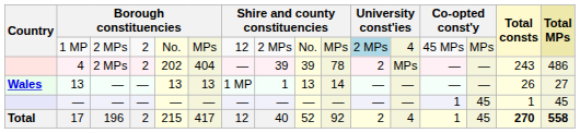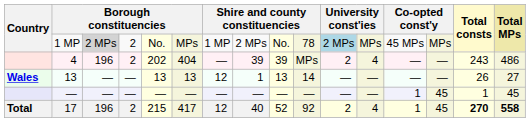 <table class="wikitable" style="text-align:right">
 <tr>
 <th scope="col" rowspan="2">Country</th>
 <th scope="col" colspan="5">Borough<br> constituencies</th>
 <th scope="col" colspan="4">Shire and county<br> constituencies</th>
 <th scope="col" colspan="2">University<br>const'ies</th>
 <th scope="col" colspan="2">Co-opted<br>const'y</th>
 <th scope="col" rowspan="2" style="background:LemonChiffon">Total<br>consts</th>
 <th scope="col" rowspan="2" style="background:PaleGoldenrod">Total<br>MPs</th>
 </tr>
 <tr style="text-align:center">
 <td scope="col" title="Single-member borough constituencies">1 MP</td>
-<td scope="col" title="Two-member borough constituencies">2 MPs</td>
+<td scope="col" title="Two-member borough constituencies" style="background: lightgrey;">2 MPs</td>
 <td style="text-align: right; padding: 0 0.5em;">2</td>
 <td scope="col" style="background:lightyellow">No.</td>
 <td scope="col" style="background:beige">MPs</td>
-<td style="text-align: right; padding: 0 0.5em;">12</td>
+<td scope="col" title="Single-member county constituencies">1 MP</td>
 <td scope="col" title="Two-member county constituencies">2 MPs</td>
 <td scope="col" style="background:lightyellow">No.</td>
+<td style="text-align: right; background:beige; padding: 0 0.5em;">78</td>
+<td scope="col" title="Two-member university constituencies" style="background: lightblue;">2 MPs</td>
 <td scope="col" style="background:beige">MPs</td>
-<td scope="col" title="Two-member university constituencies" style="background: lightblue;">2 MPs</td>
-<td style="text-align: right; background:beige; padding: 0 0.5em;">4</td>
 <td scope="col" title="45-member co-optive constituency">45 MPs</td>
 <td scope="col" style="background:beige">MPs</td>
 </tr>
 <tr style="Background:lavenderblush">
 <th scope="row" style="text-align: left; background:MistyRose"></th>
 <td style="text-align: right; padding: 0 0.5em;">4</td>
-<td scope="col" title="Two-member borough constituencies">2 MPs</td>
+<td style="text-align: right; padding: 0 0.5em;">196</td>
 <td style="text-align: right; padding: 0 0.5em;">2</td>
 <td style="text-align: right; background:lightyellow; padding: 0 0.5em;">202</td>
 <td style="text-align: right; background:beige; padding: 0 0.5em;">404</td>
 <td style="text-align: right; padding: 0 0.5em;">—</td>
 <td style="text-align: right; padding: 0 0.5em;">39</td>
 <td style="text-align: right; background:lightyellow; padding: 0 0.5em;">39</td>
-<td style="text-align: right; background:beige; padding: 0 0.5em;">78</td>
+<td scope="col" style="background:beige">MPs</td>
 <td style="text-align: right; padding: 0 0.5em;">2</td>
-<td scope="col" style="background:beige">MPs</td>
+<td style="text-align: right; background:beige; padding: 0 0.5em;">4</td>
 <td style="text-align: right; padding: 0 0.5em;">—</td>
 <td style="text-align: right; background:beige; padding: 0 0.5em;">—</td>
 <td style="text-align: right; padding: 0 0.5em; background-color: lightyellow">243</td>
 <td style="text-align: right; background:beige; padding: 0 0.5em;">486</td>
 </tr>
 <tr style="background:mintcream">
 <th scope="row" style="text-align: left; background:#eBfDeB"><a href='#'>Wales</a></th>
 <td style="text-align: right; padding: 0 0.5em;">13</td>
 <td style="text-align: right; padding: 0 0.5em;">—</td>
 <td style="text-align: right; padding: 0 0.5em;">—</td>
 <td style="background:lightyellow; padding: 0 0.5em;">13</td>
 <td style="background:beige; padding: 0 0.5em;">13</td>
-<td scope="col" title="Single-member county constituencies">1 MP</td>
+<td style="text-align: right; padding: 0 0.5em;">12</td>
 <td style="text-align: right; padding: 0 0.5em;">1</td>
 <td style="background:lightyellow; padding: 0 0.5em;">13</td>
 <td style="background:beige; padding: 0 0.5em;">14</td>
 <td style="text-align: right; padding: 0 0.5em;">—</td>
 <td style="background:beige; padding: 0 0.5em;">—</td>
 <td style="text-align: right; padding: 0 0.5em;">—</td>
 <td style="background:beige; padding: 0 0.5em;">—</td>
 <td style="text-align: right; padding: 0 0.5em; background-color: lightyellow">26</td>
 <td style="background:beige; padding: 0 0.5em;">27</td>
 </tr>
 <tr style="background:#f1f1fC">
 <th scope="row" style="text-align: left; background:Lavender"></th>
 <td style="text-align: right; padding: 0 0.5em;">—</td>
 <td style="text-align: right; padding: 0 0.5em;">—</td>
 <td style="text-align: right; padding: 0 0.5em;">—</td>
 <td style="text-align: right; padding: 0 0.5em; background:lightyellow">—</td>
 <td style="text-align: right; padding: 0 0.5em; background:beige">—</td>
 <td style="text-align: right; padding: 0 0.5em;">—</td>
 <td style="text-align: right; padding: 0 0.5em;">—</td>
 <td style="text-align: right; padding: 0 0.5em; background:lightyellow">—</td>
 <td style="text-align: right; padding: 0 0.5em; background:beige">—</td>
 <td style="text-align: right; padding: 0 0.5em;">—</td>
 <td style="text-align: right; padding: 0 0.5em; background:beige">—</td>
 <td style="text-align: right; padding: 0 0.5em;">1</td>
 <td style="text-align: right; padding: 0 0.5em; background:beige">45</td>
 <td style="text-align: right; padding: 0 0.5em; background-color: LightYellow">1</td>
 <td style="text-align: right; padding: 0 0.5em; background:beige">45</td>
 </tr>
 <tr style="background-color: #f2f2f2;">
 <th scope="row" style="text-align: left;">Total </th>
 <td style="text-align: right; padding: 0 0.5em;">17</td>
 <td style="text-align: right; padding: 0 0.5em;">196</td>
 <td style="text-align: right; padding: 0 0.5em;">2</td>
 <td style="text-align: right; padding: 0 0.5em; background:lightyellow">215</td>
 <td style="text-align: right; padding: 0 0.5em; background:beige">417</td>
 <td style="text-align: right; padding: 0 0.5em;">12</td>
 <td style="text-align: right; padding: 0 0.5em;">40</td>
 <td style="text-align: right; padding: 0 0.5em; background:lightyellow">52</td>
 <td style="text-align: right; padding: 0 0.5em; background:beige">92</td>
 <td style="text-align: right; padding: 0 0.5em; background:lightyellow">2</td>
 <td style="text-align: right; padding: 0 0.5em; background:beige">4</td>
 <td style="text-align: right; padding: 0 0.5em; background:lightyellow">1</td>
 <td style="text-align: right; padding: 0 0.5em; background:beige">45</td>
 <td style="text-align: right; padding: 0 0.5em; background:lightyellow"><strong>270</strong></td>
 <td style="text-align: right; padding: 0 0.5em; background:beige"><strong>558</strong></td>
 </tr>
 </table>
